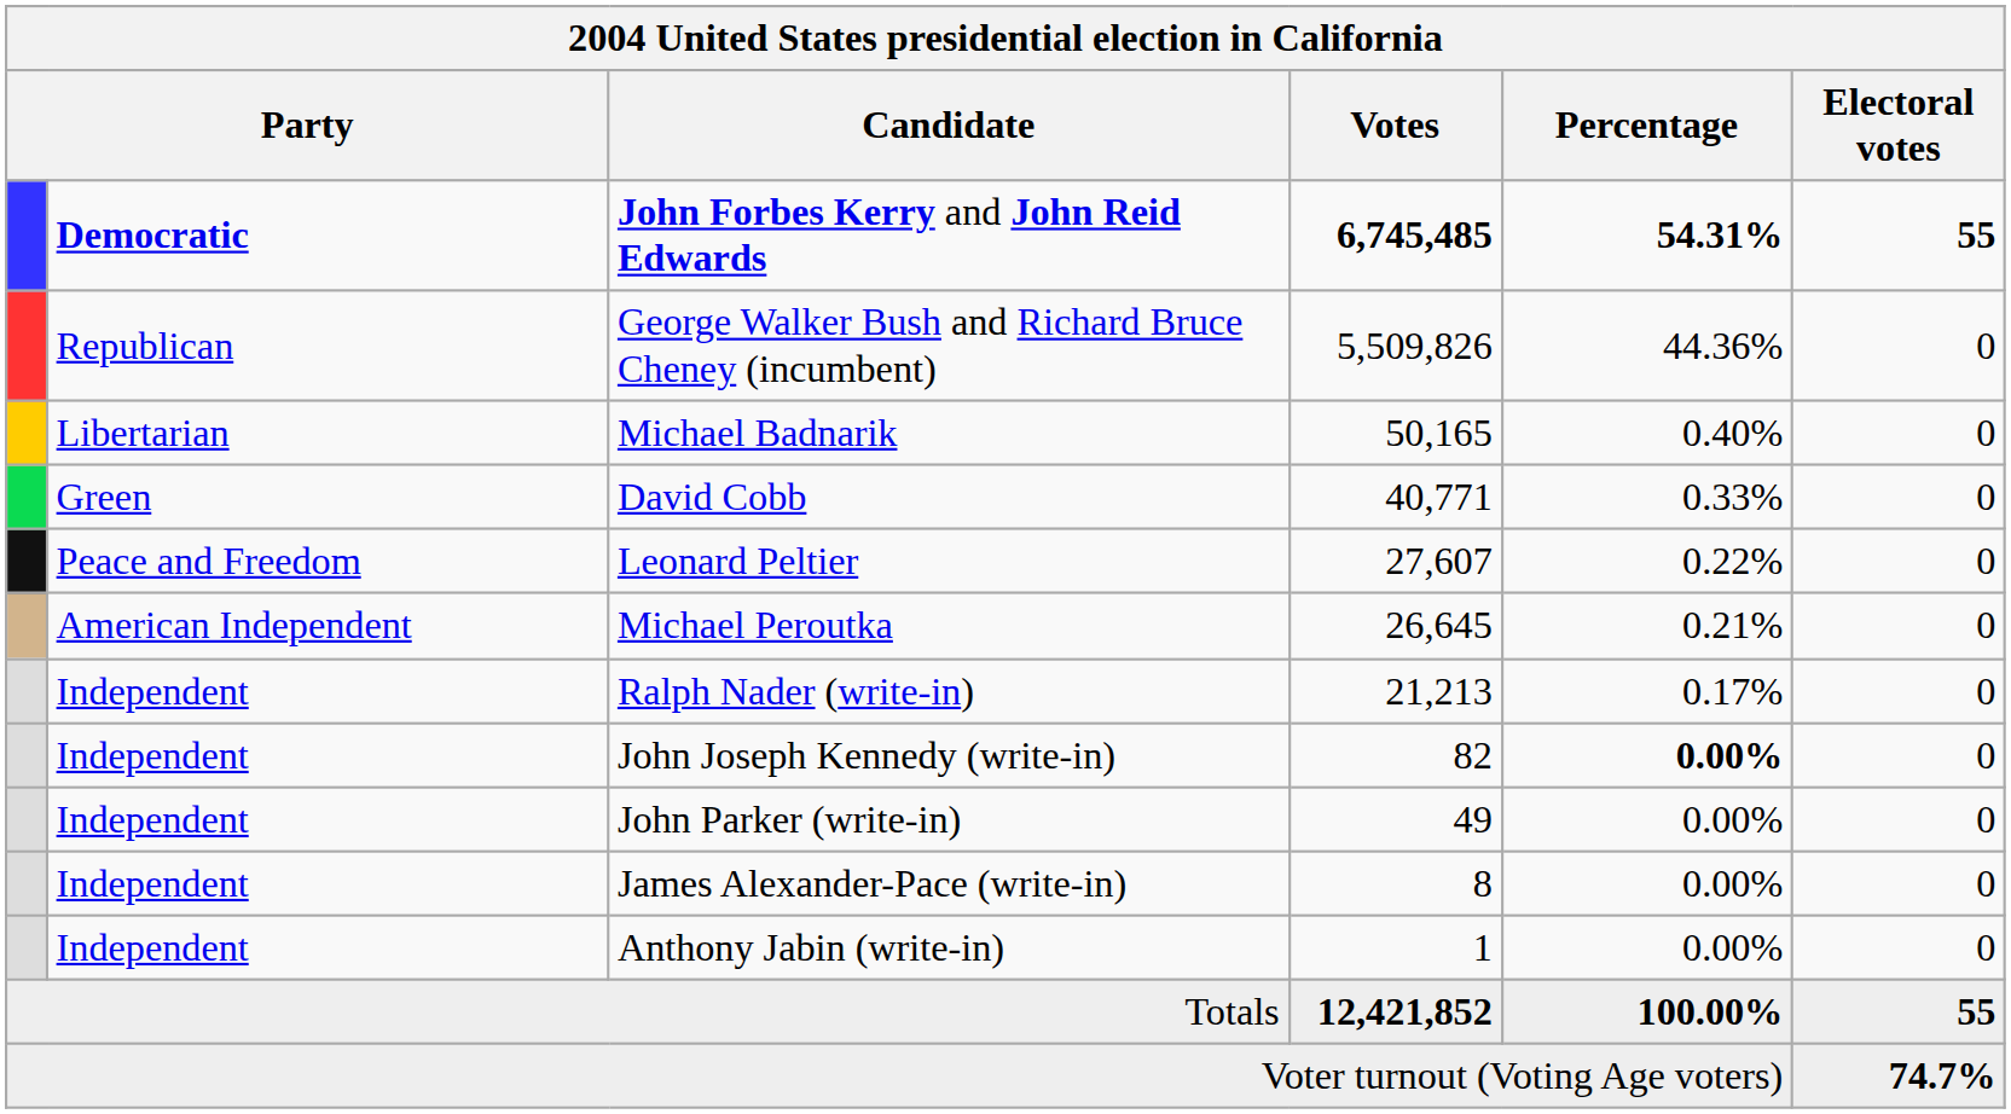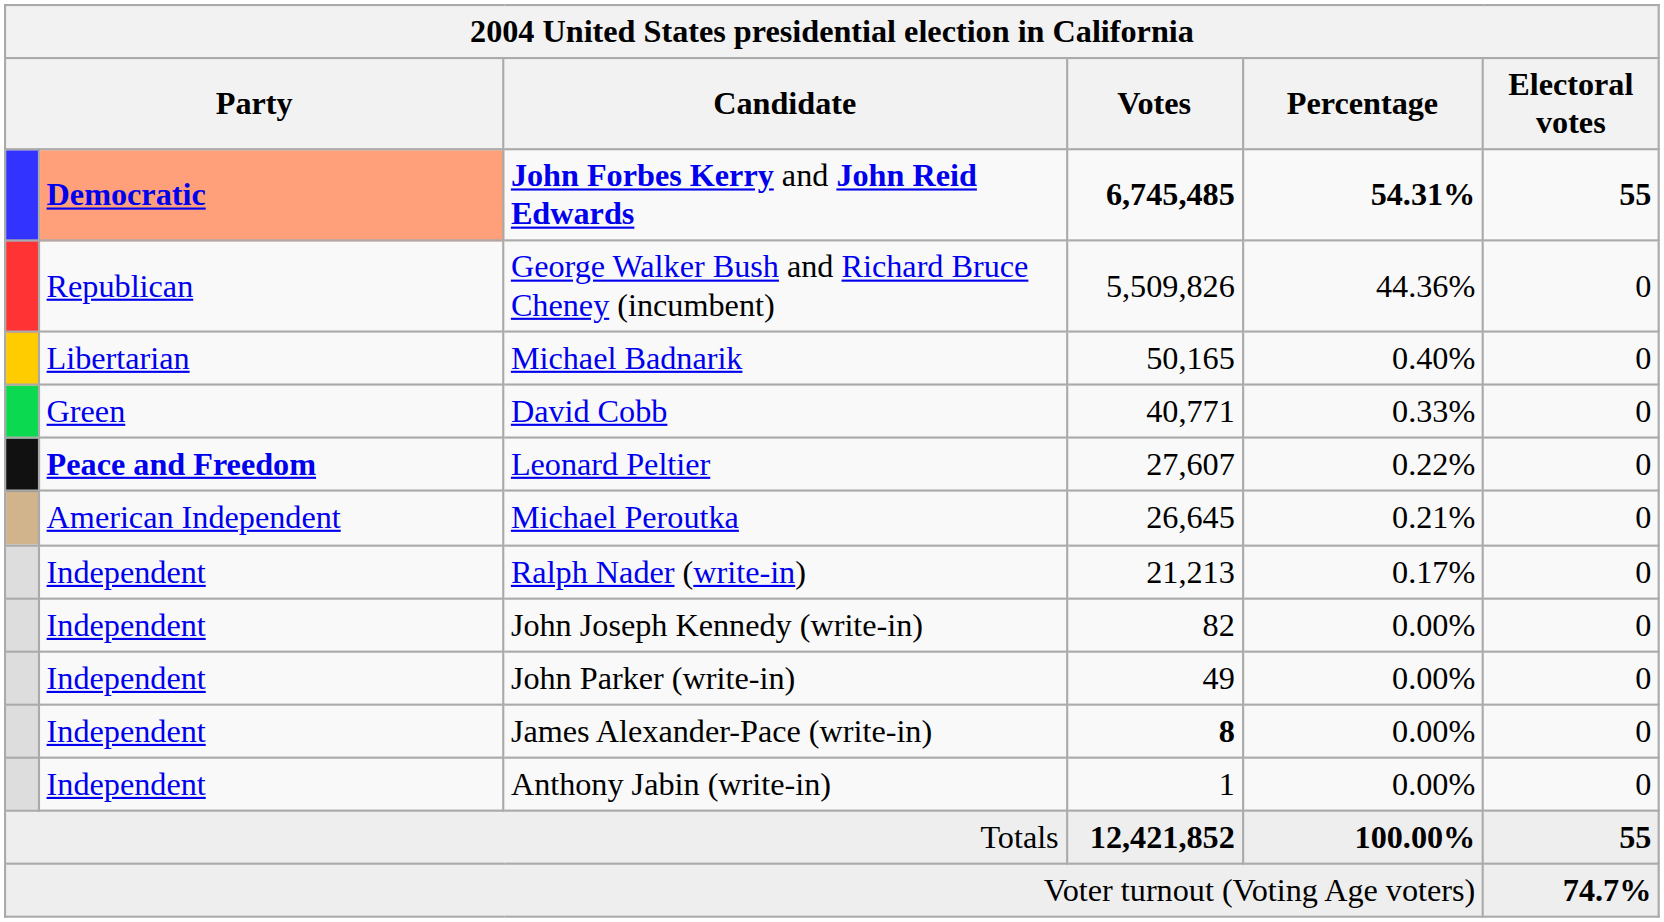 <table class="wikitable" style="font-size: 95%;">
 <tr>
 <th colspan="6">2004 United States presidential election in California</th>
 </tr>
 <tr>
 <th colspan="2" style="width: 15em">Party</th>
 <th style="width: 17em">Candidate</th>
 <th style="width: 5em">Votes</th>
 <th style="width: 7em">Percentage</th>
 <th style="width: 5em">Electoral votes</th>
 </tr>
 <tr>
 <th style="background-color:#3333FF; width: 3px"></th>
-<td style="width: 130px"><strong><a href='#'>Democratic</a></strong></td>
+<td style="background: lightsalmon; width: 130px"><strong><a href='#'>Democratic</a></strong></td>
 <td><strong><a href='#'>John Forbes Kerry</a></strong> and <strong><a href='#'>John Reid Edwards</a></strong></td>
 <td align="right"><strong>6,745,485</strong></td>
 <td align="right"><strong>54.31%</strong></td>
 <td align="right"><strong>55</strong></td>
 </tr>
 <tr>
 <th style="background-color:#FF3333; width: 3px"></th>
 <td style="width: 130px"><a href='#'>Republican</a></td>
 <td><a href='#'>George Walker Bush</a> and <a href='#'>Richard Bruce Cheney</a> (incumbent)</td>
 <td align="right">5,509,826</td>
 <td align="right">44.36%</td>
 <td align="right">0</td>
 </tr>
 <tr>
 <th style="background-color:#FFCC00; width: 3px"></th>
 <td style="width: 130px"><a href='#'>Libertarian</a></td>
 <td><a href='#'>Michael Badnarik</a></td>
 <td align="right">50,165</td>
 <td align="right">0.40%</td>
 <td align="right">0</td>
 </tr>
 <tr>
 <th style="background-color:#0BDA51; width: 3px"></th>
 <td style="width: 130px"><a href='#'>Green</a></td>
 <td><a href='#'>David Cobb</a></td>
 <td align="right">40,771</td>
 <td align="right">0.33%</td>
 <td align="right">0</td>
 </tr>
 <tr>
 <th style="background-color:#111111; width: 3px"></th>
-<td style="width: 130px"><a href='#'>Peace and Freedom</a></td>
+<td style="width: 130px"><strong><a href='#'>Peace and Freedom</a></strong></td>
 <td><a href='#'>Leonard Peltier</a></td>
 <td align="right">27,607</td>
 <td align="right">0.22%</td>
 <td align="right">0</td>
 </tr>
 <tr>
 <th style="background-color:#D2B48C; width: 3px"></th>
 <td style="width: 130px"><a href='#'>American Independent</a></td>
 <td><a href='#'>Michael Peroutka</a></td>
 <td align="right">26,645</td>
 <td align="right">0.21%</td>
 <td align="right">0</td>
 </tr>
 <tr>
 <th style="background-color:#DDDDDD; width: 3px"></th>
 <td style="width: 130px"><a href='#'>Independent</a></td>
 <td><a href='#'>Ralph Nader</a> (<a href='#'>write-in</a>)</td>
 <td align="right">21,213</td>
 <td align="right">0.17%</td>
 <td align="right">0</td>
 </tr>
 <tr>
 <th style="background-color:#DDDDDD; width: 3px"></th>
 <td style="width: 130px"><a href='#'>Independent</a></td>
 <td>John Joseph Kennedy (write-in)</td>
 <td align="right">82</td>
-<td align="right"><strong>0.00%</strong></td>
+<td align="right">0.00%</td>
 <td align="right">0</td>
 </tr>
 <tr>
 <th style="background-color:#DDDDDD; width: 3px"></th>
 <td style="width: 130px"><a href='#'>Independent</a></td>
 <td>John Parker (write-in)</td>
 <td align="right">49</td>
 <td align="right">0.00%</td>
 <td align="right">0</td>
 </tr>
 <tr>
 <th style="background-color:#DDDDDD; width: 3px"></th>
 <td style="width: 130px"><a href='#'>Independent</a></td>
 <td>James Alexander-Pace (write-in)</td>
-<td align="right">8</td>
+<td align="right"><strong>8</strong></td>
 <td align="right">0.00%</td>
 <td align="right">0</td>
 </tr>
 <tr>
 <th style="background-color:#DDDDDD; width: 3px"></th>
 <td style="width: 130px"><a href='#'>Independent</a></td>
 <td>Anthony Jabin (write-in)</td>
 <td align="right">1</td>
 <td align="right">0.00%</td>
 <td align="right">0</td>
 </tr>
 <tr bgcolor="#EEEEEE">
 <td colspan="3" align="right">Totals</td>
 <td align="right"><strong>12,421,852</strong></td>
 <td align="right"><strong>100.00%</strong></td>
 <td align="right"><strong>55</strong></td>
 </tr>
 <tr bgcolor="#EEEEEE">
 <td colspan="5" align="right">Voter turnout (Voting Age voters)</td>
 <td colspan="1" align="right"><strong>74.7%</strong></td>
 </tr>
 </table>
